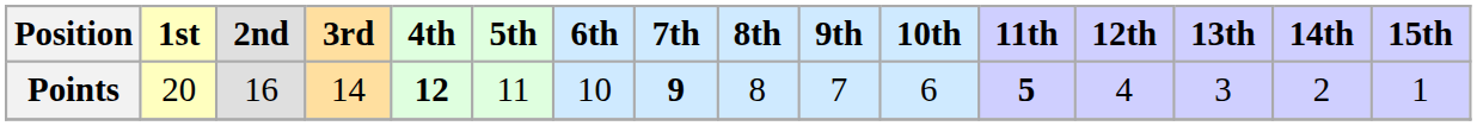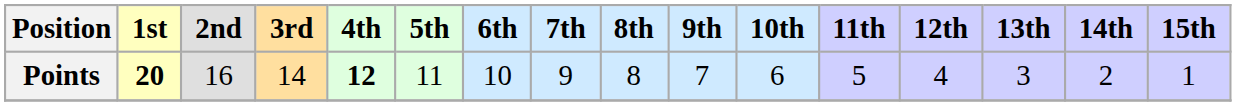 <table class="wikitable" style="font-size:85%; text-align:center">
 <tr>
 <th>Position</th>
 <td style="background:#FFFFBF;"> <strong>1st</strong> </td>
 <td style="background:#DFDFDF;"> <strong>2nd</strong> </td>
 <td style="background:#FFDF9F;"> <strong>3rd</strong> </td>
 <td style="background:#DFFFDF;"> <strong>4th</strong> </td>
 <td style="background:#DFFFDF;"> <strong>5th</strong> </td>
 <td style="background:#CFEAFF;"> <strong>6th</strong> </td>
 <td style="background:#CFEAFF;"> <strong>7th</strong> </td>
 <td style="background:#CFEAFF;"> <strong>8th</strong> </td>
 <td style="background:#CFEAFF;"> <strong>9th</strong> </td>
 <td style="background:#CFEAFF;"> <strong>10th</strong> </td>
 <td style="background:#CFCFFF;"> <strong>11th</strong> </td>
 <td style="background:#CFCFFF;"> <strong>12th</strong> </td>
 <td style="background:#CFCFFF;"> <strong>13th</strong> </td>
 <td style="background:#CFCFFF;"> <strong>14th</strong> </td>
 <td style="background:#CFCFFF;"> <strong>15th</strong> </td>
 </tr>
 <tr>
 <th>Points</th>
-<td style="background:#FFFFBF;">20</td>
+<td style="background:#FFFFBF;"><strong>20</strong></td>
 <td style="background:#DFDFDF;">16</td>
 <td style="background:#FFDF9F;">14</td>
 <td style="background:#DFFFDF;"><strong>12</strong></td>
 <td style="background:#DFFFDF;">11</td>
 <td style="background:#CFEAFF;">10</td>
-<td style="background:#CFEAFF;"><strong>9</strong></td>
+<td style="background:#CFEAFF;">9</td>
 <td style="background:#CFEAFF;">8</td>
 <td style="background:#CFEAFF;">7</td>
 <td style="background:#CFEAFF;">6</td>
-<td style="background:#CFCFFF;"><strong>5</strong></td>
+<td style="background:#CFCFFF;">5</td>
 <td style="background:#CFCFFF;">4</td>
 <td style="background:#CFCFFF;">3</td>
 <td style="background:#CFCFFF;">2</td>
 <td style="background:#CFCFFF;">1</td>
 </tr>
 <tr>
 </tr>
 </table>
